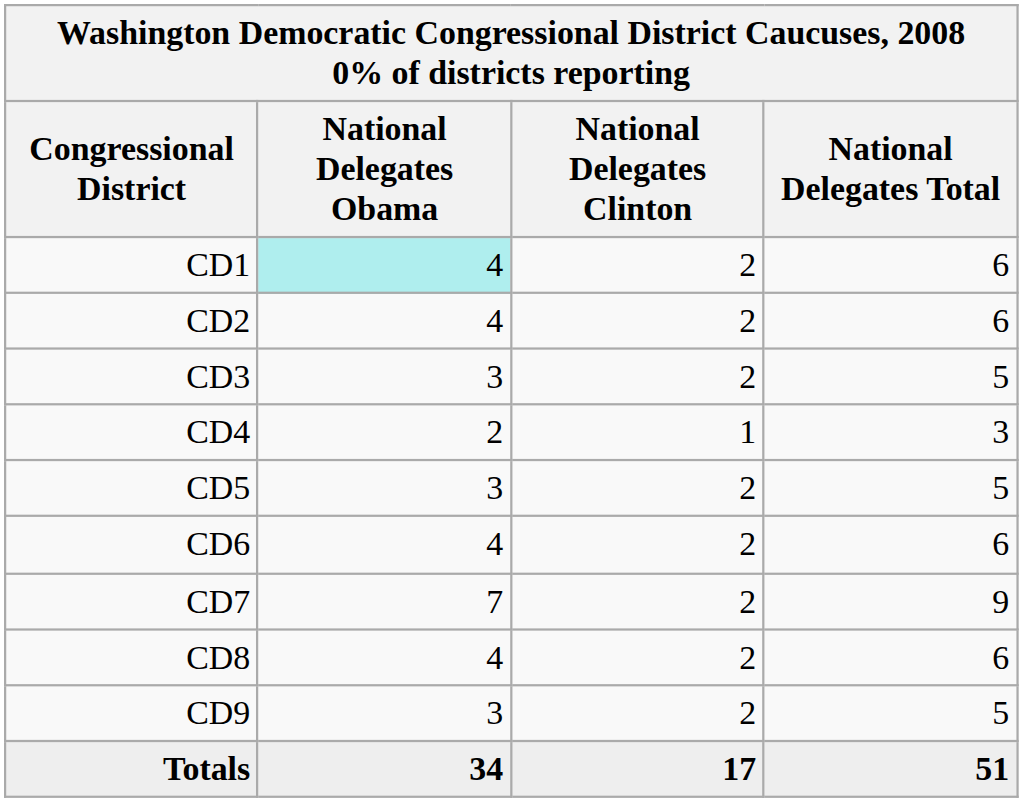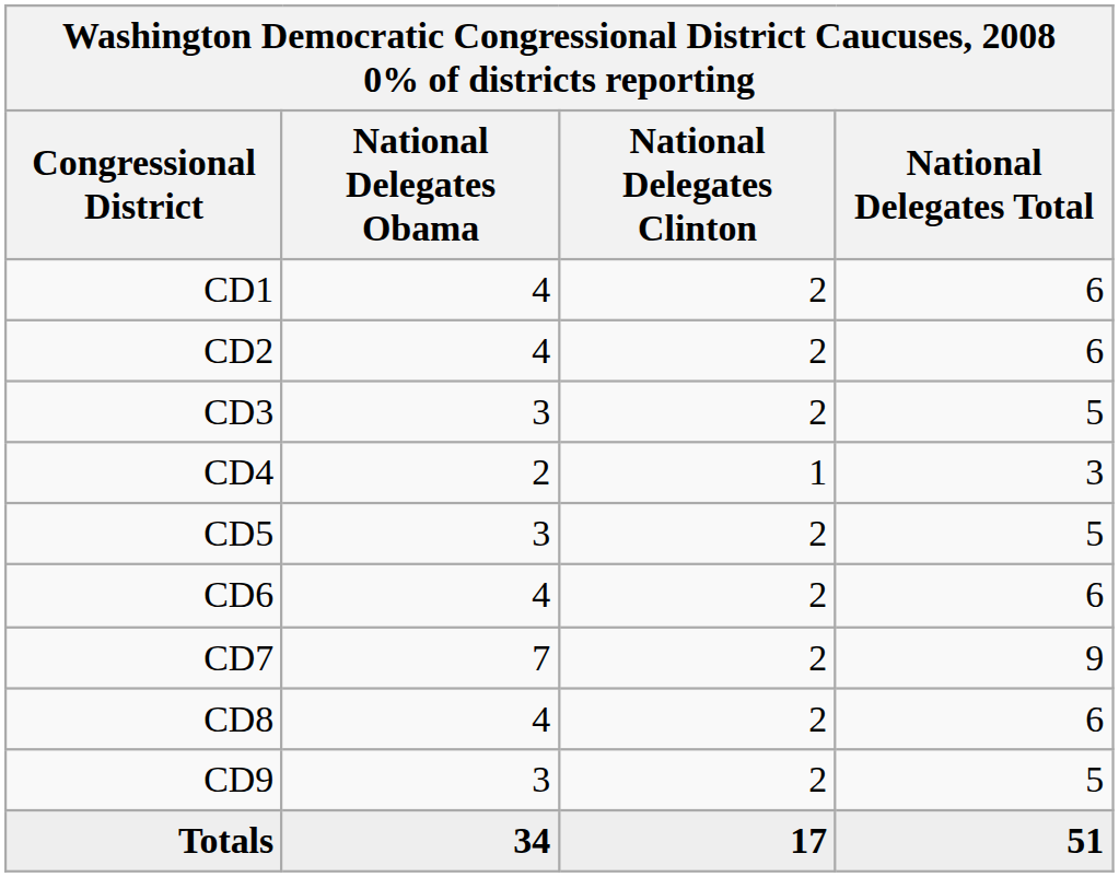 <table class="wikitable" style="font-size: 95%; text-align:right;">
 <tr>
 <th colspan="6">Washington Democratic Congressional District Caucuses, 2008<br>0% of districts reporting</th>
 </tr>
 <tr>
 <th style="width: 7em">Congressional District</th>
 <th style="width: 7em">National Delegates Obama</th>
 <th style="width: 7em">National Delegates Clinton</th>
 <th style="width: 7em">National Delegates Total</th>
 </tr>
 <tr>
 <td>CD1</td>
-<td style="background: paleturquoise;">4</td>
+<td>4</td>
 <td>2</td>
 <td>6</td>
 </tr>
 <tr>
 <td>CD2</td>
 <td>4</td>
 <td>2</td>
 <td>6</td>
 </tr>
 <tr>
 <td>CD3</td>
 <td>3</td>
 <td>2</td>
 <td>5</td>
 </tr>
 <tr>
 <td>CD4</td>
 <td>2</td>
 <td>1</td>
 <td>3</td>
 </tr>
 <tr>
 <td>CD5</td>
 <td>3</td>
 <td>2</td>
 <td>5</td>
 </tr>
 <tr>
 <td>CD6</td>
 <td>4</td>
 <td>2</td>
 <td>6</td>
 </tr>
 <tr>
 <td>CD7</td>
 <td>7</td>
 <td>2</td>
 <td>9</td>
 </tr>
 <tr>
 <td>CD8</td>
 <td>4</td>
 <td>2</td>
 <td>6</td>
 </tr>
 <tr>
 <td>CD9</td>
 <td>3</td>
 <td>2</td>
 <td>5</td>
 </tr>
 <tr style="background:#eee; margin-right:0.5em;">
 <td><strong>Totals</strong></td>
 <td><strong>34</strong></td>
 <td><strong>17</strong></td>
 <td><strong>51</strong></td>
 </tr>
 </table>
